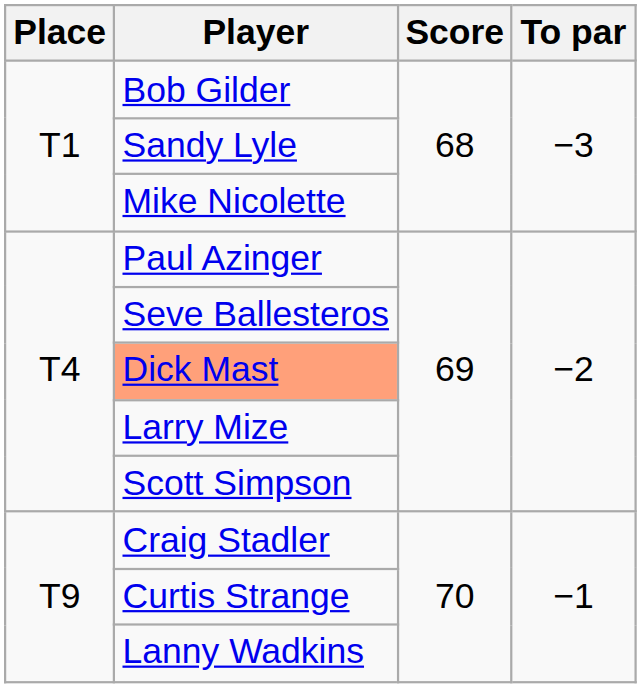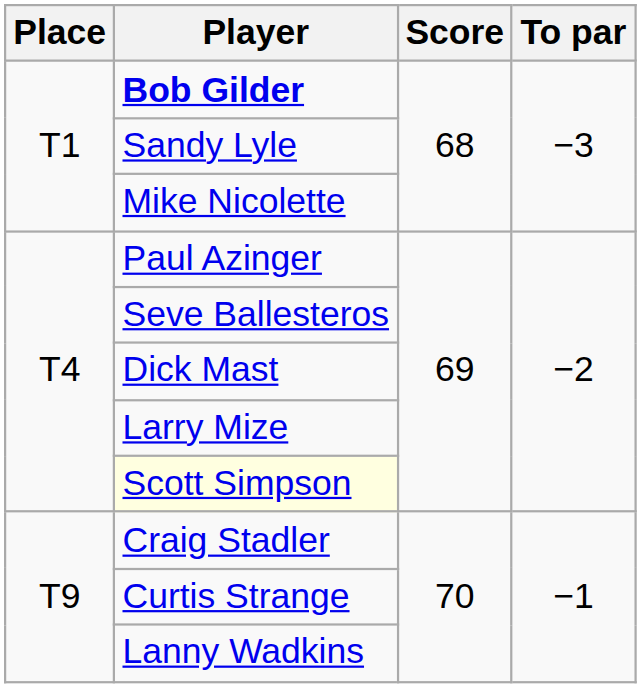 <table class="wikitable">
 <tr>
 <th>Place</th>
 <th>Player</th>
 <th>Score</th>
 <th>To par</th>
 </tr>
 <tr>
 <td rowspan="3" align=center>T1</td>
-<td> <a href='#'>Bob Gilder</a></td>
+<td><strong> <a href='#'>Bob Gilder</a></strong></td>
 <td rowspan="3" align=center>68</td>
 <td rowspan="3" align=center>−3</td>
 </tr>
 <tr>
 <td> <a href='#'>Sandy Lyle</a></td>
 </tr>
 <tr>
 <td> <a href='#'>Mike Nicolette</a></td>
 </tr>
 <tr>
 <td rowspan="5" align=center>T4</td>
 <td> <a href='#'>Paul Azinger</a></td>
 <td rowspan="5" align=center>69</td>
 <td rowspan="5" align=center>−2</td>
 </tr>
 <tr>
 <td> <a href='#'>Seve Ballesteros</a></td>
 </tr>
 <tr>
-<td style="background: lightsalmon;"> <a href='#'>Dick Mast</a></td>
+<td> <a href='#'>Dick Mast</a></td>
 </tr>
 <tr>
 <td> <a href='#'>Larry Mize</a></td>
 </tr>
 <tr>
-<td> <a href='#'>Scott Simpson</a></td>
+<td style="background: lightyellow;"> <a href='#'>Scott Simpson</a></td>
 </tr>
 <tr>
 <td rowspan="3" align=center>T9</td>
 <td> <a href='#'>Craig Stadler</a></td>
 <td rowspan="3" align=center>70</td>
 <td rowspan="3" align=center>−1</td>
 </tr>
 <tr>
 <td> <a href='#'>Curtis Strange</a></td>
 </tr>
 <tr>
 <td> <a href='#'>Lanny Wadkins</a></td>
 </tr>
 </table>
